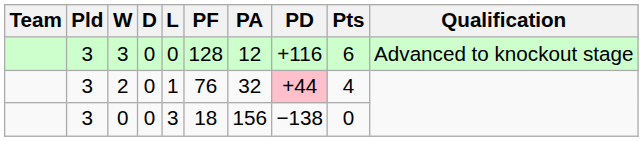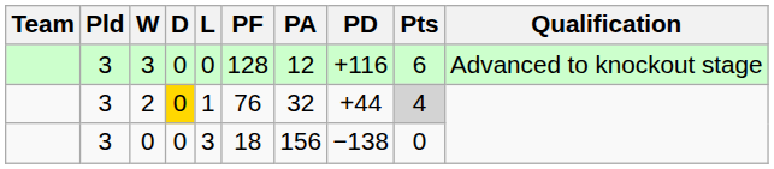 <table class="wikitable" style="text-align:center">
 <tr>
 <th>Team</th>
 <th>Pld</th>
 <th>W</th>
 <th>D</th>
 <th>L</th>
 <th>PF</th>
 <th>PA</th>
 <th>PD</th>
 <th>Pts</th>
 <th>Qualification</th>
 </tr>
 <tr style="background:  #ccffcc;">
 <td align=left></td>
 <td>3</td>
 <td>3</td>
 <td>0</td>
 <td>0</td>
 <td>128</td>
 <td>12</td>
 <td>+116</td>
 <td>6</td>
 <td>Advanced to knockout stage</td>
 </tr>
 <tr>
 <td align=left></td>
 <td>3</td>
 <td>2</td>
-<td>0</td>
+<td style="background: gold;">0</td>
 <td>1</td>
 <td>76</td>
 <td>32</td>
-<td style="background: pink;">+44</td>
-<td>4</td>
+<td>+44</td>
+<td style="background: lightgrey;">4</td>
 <td rowspan=2></td>
 </tr>
 <tr>
 <td align=left></td>
 <td>3</td>
 <td>0</td>
 <td>0</td>
 <td>3</td>
 <td>18</td>
 <td>156</td>
 <td>−138</td>
 <td>0</td>
 </tr>
 </table>
